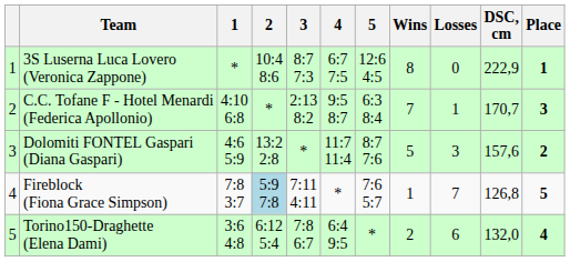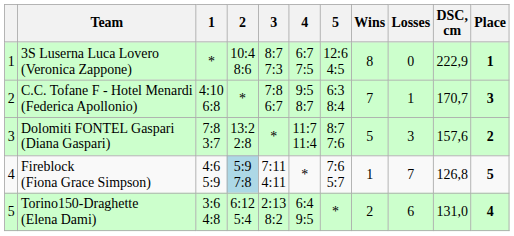 <table class="wikitable" style="text-align:center;">
 <tr>
 <th></th>
 <th>Team</th>
 <th width=20>1</th>
 <th width=20>2</th>
 <th width=20>3</th>
 <th width=20>4</th>
 <th width=20>5</th>
 <th width="20">Wins</th>
 <th width="20">Losses</th>
 <th width="30">DSC, cm</th>
 <th>Place</th>
 </tr>
 <tr bgcolor=#cfc>
 <td>1</td>
 <td align=left>3S Luserna Luca Lovero<br>(Veronica Zappone)</td>
 <td>*</td>
 <td>10:4<br> 8:6</td>
 <td>8:7<br> 7:3</td>
 <td>6:7<br> 7:5</td>
 <td>12:6<br> 4:5</td>
 <td>8</td>
 <td>0</td>
 <td>222,9</td>
 <td><strong>1</strong></td>
 </tr>
 <tr bgcolor=#cfc>
 <td>2</td>
 <td align=left>C.C. Tofane F - Hotel Menardi<br>(Federica Apollonio)</td>
 <td>4:10<br> 6:8</td>
 <td>*</td>
-<td>2:13<br> 8:2</td>
+<td>7:8<br> 6:7</td>
 <td>9:5<br> 8:7</td>
 <td>6:3<br> 8:4</td>
 <td>7</td>
 <td>1</td>
 <td>170,7</td>
 <td><strong>3</strong></td>
 </tr>
 <tr bgcolor=#cfc>
 <td>3</td>
 <td align=left>Dolomiti FONTEL Gaspari<br>(Diana Gaspari)</td>
-<td>4:6<br> 5:9</td>
+<td>7:8<br> 3:7</td>
 <td>13:2<br> 2:8</td>
 <td>*</td>
 <td>11:7<br>11:4</td>
 <td>8:7<br> 7:6</td>
 <td>5</td>
 <td>3</td>
 <td>157,6</td>
 <td><strong>2</strong></td>
 </tr>
 <tr>
 <td>4</td>
 <td align=left>Fireblock<br>(Fiona Grace Simpson)</td>
-<td>7:8<br> 3:7</td>
+<td>4:6<br> 5:9</td>
 <td style="background: lightblue;">5:9<br> 7:8</td>
 <td>7:11<br>4:11</td>
 <td>*</td>
 <td>7:6<br> 5:7</td>
 <td>1</td>
 <td>7</td>
 <td>126,8</td>
 <td><strong>5</strong></td>
 </tr>
 <tr bgcolor=#cfc>
 <td>5</td>
 <td align=left>Torino150-Draghette<br>(Elena Dami)</td>
 <td>3:6<br> 4:8</td>
 <td>6:12<br> 5:4</td>
-<td>7:8<br> 6:7</td>
+<td>2:13<br> 8:2</td>
 <td>6:4<br> 9:5</td>
 <td>*</td>
 <td>2</td>
 <td>6</td>
-<td>132,0</td>
+<td>131,0</td>
 <td><strong>4</strong></td>
 </tr>
 </table>
